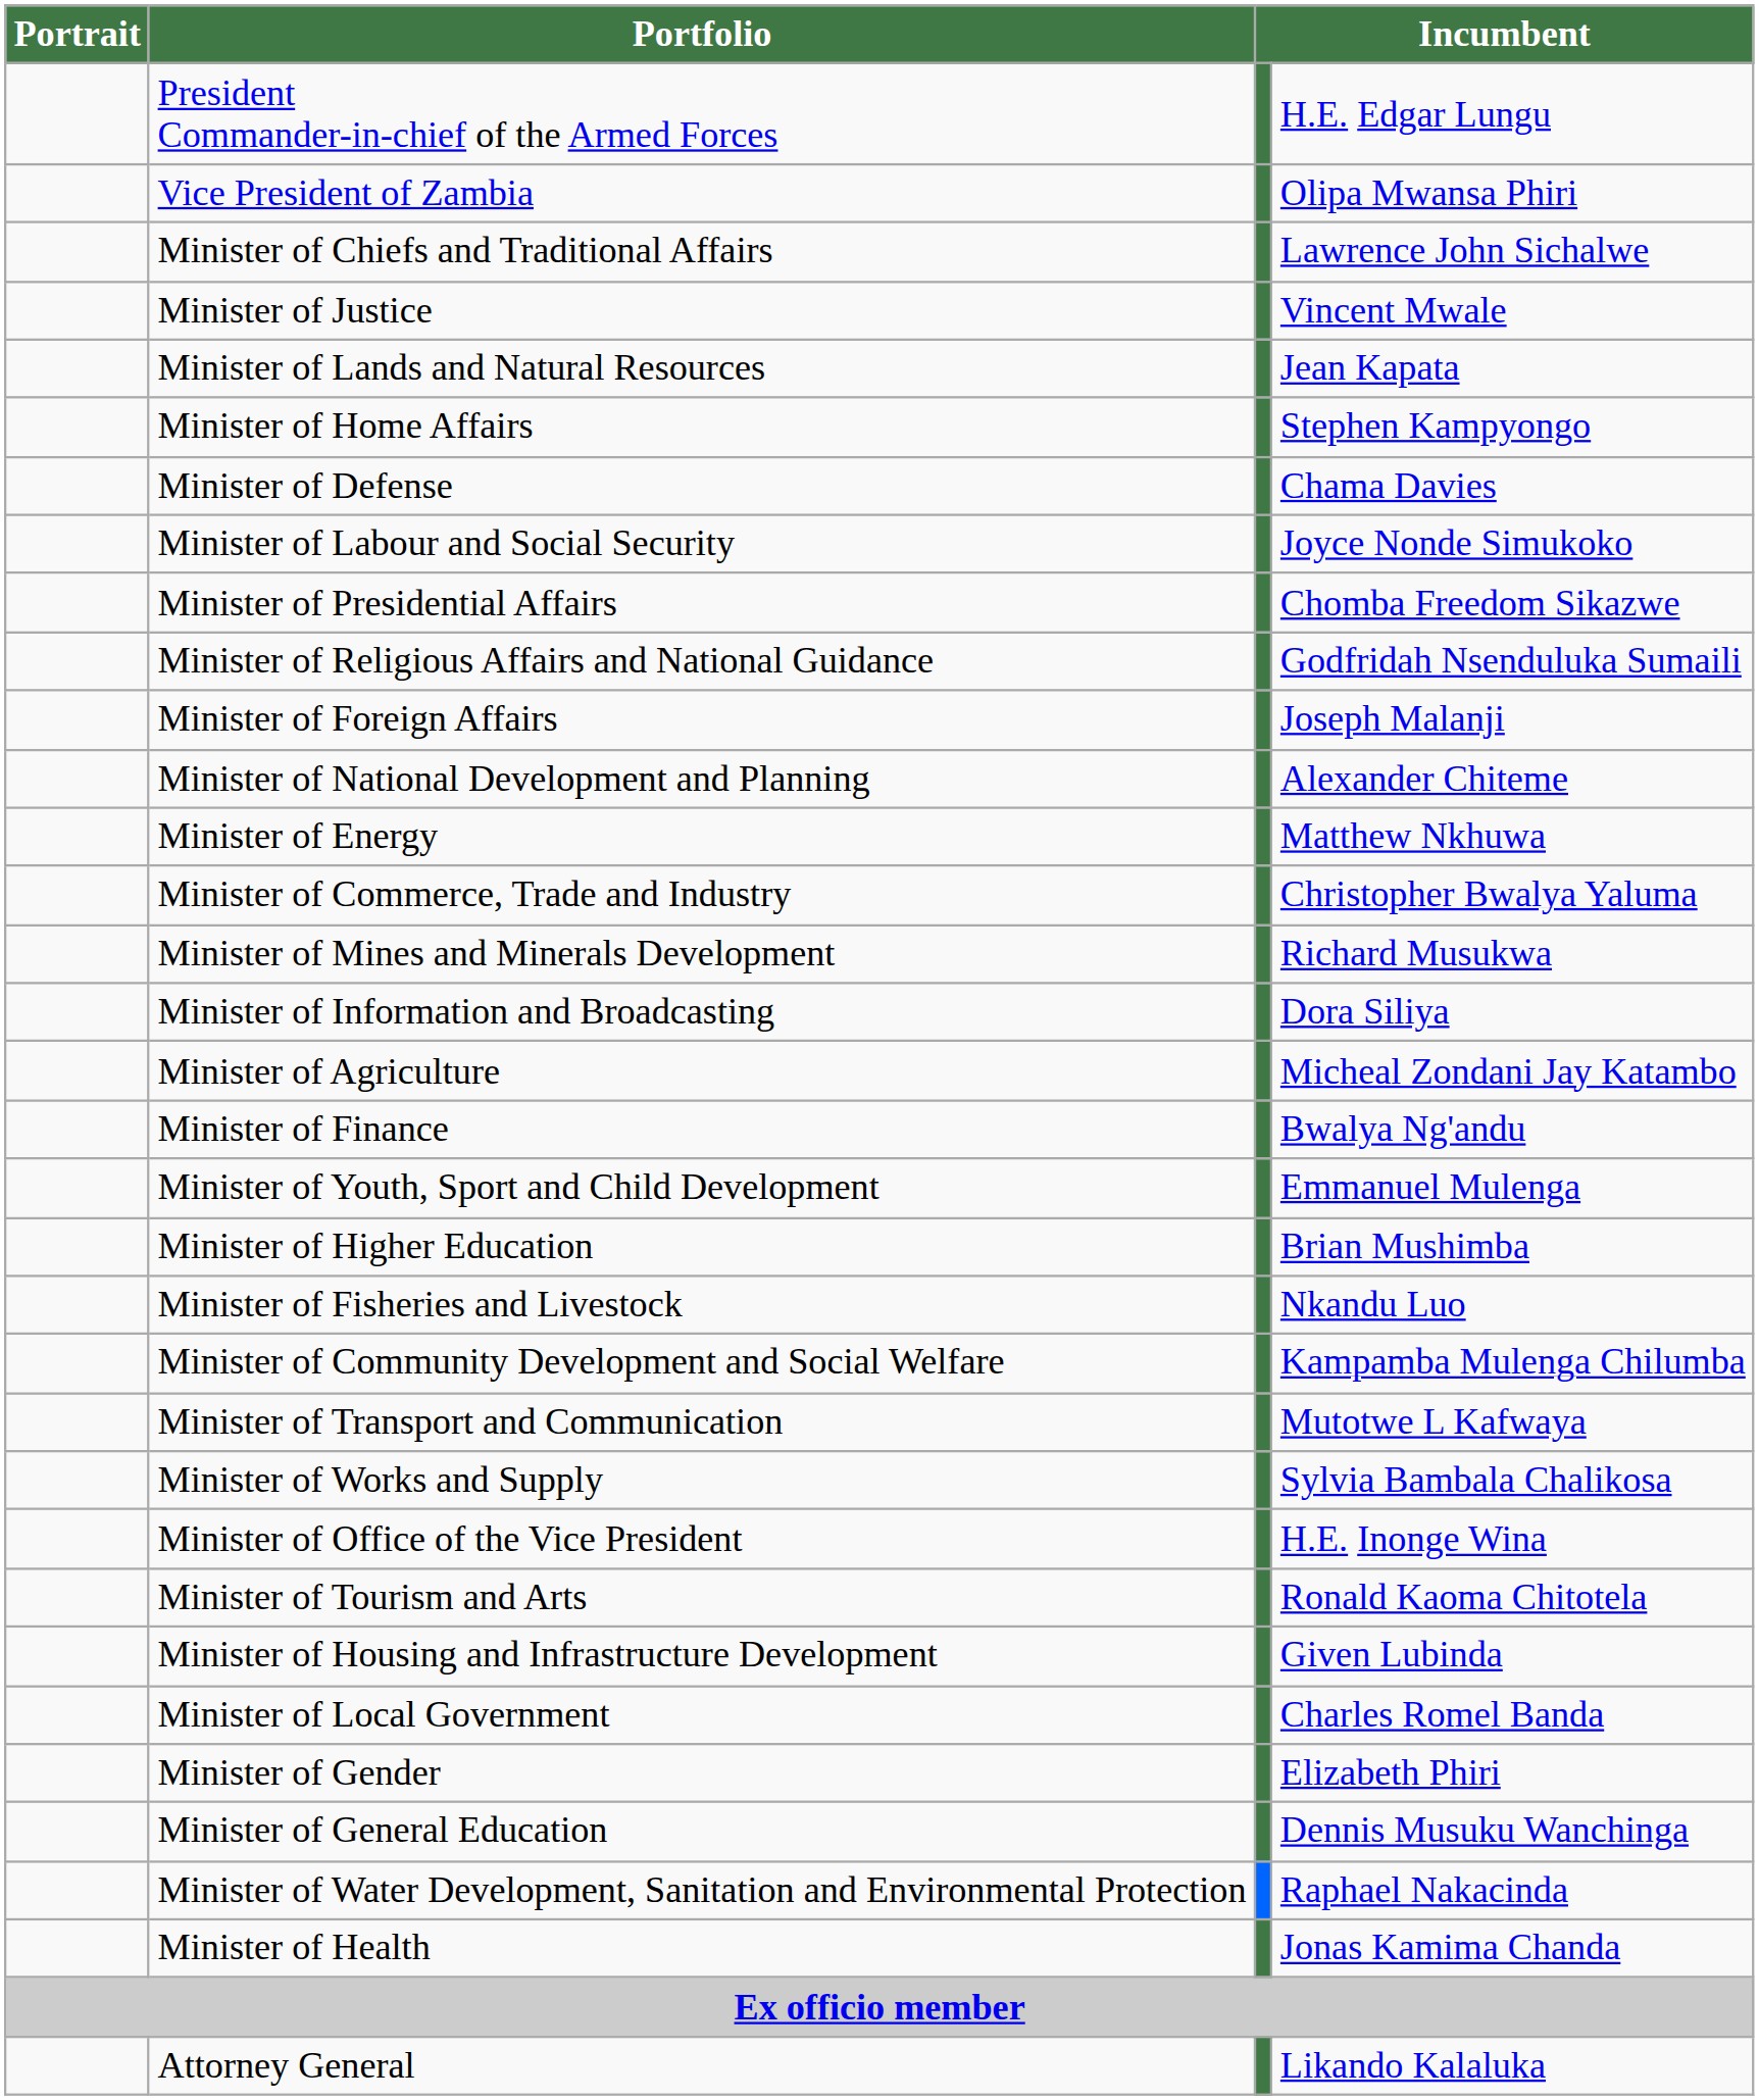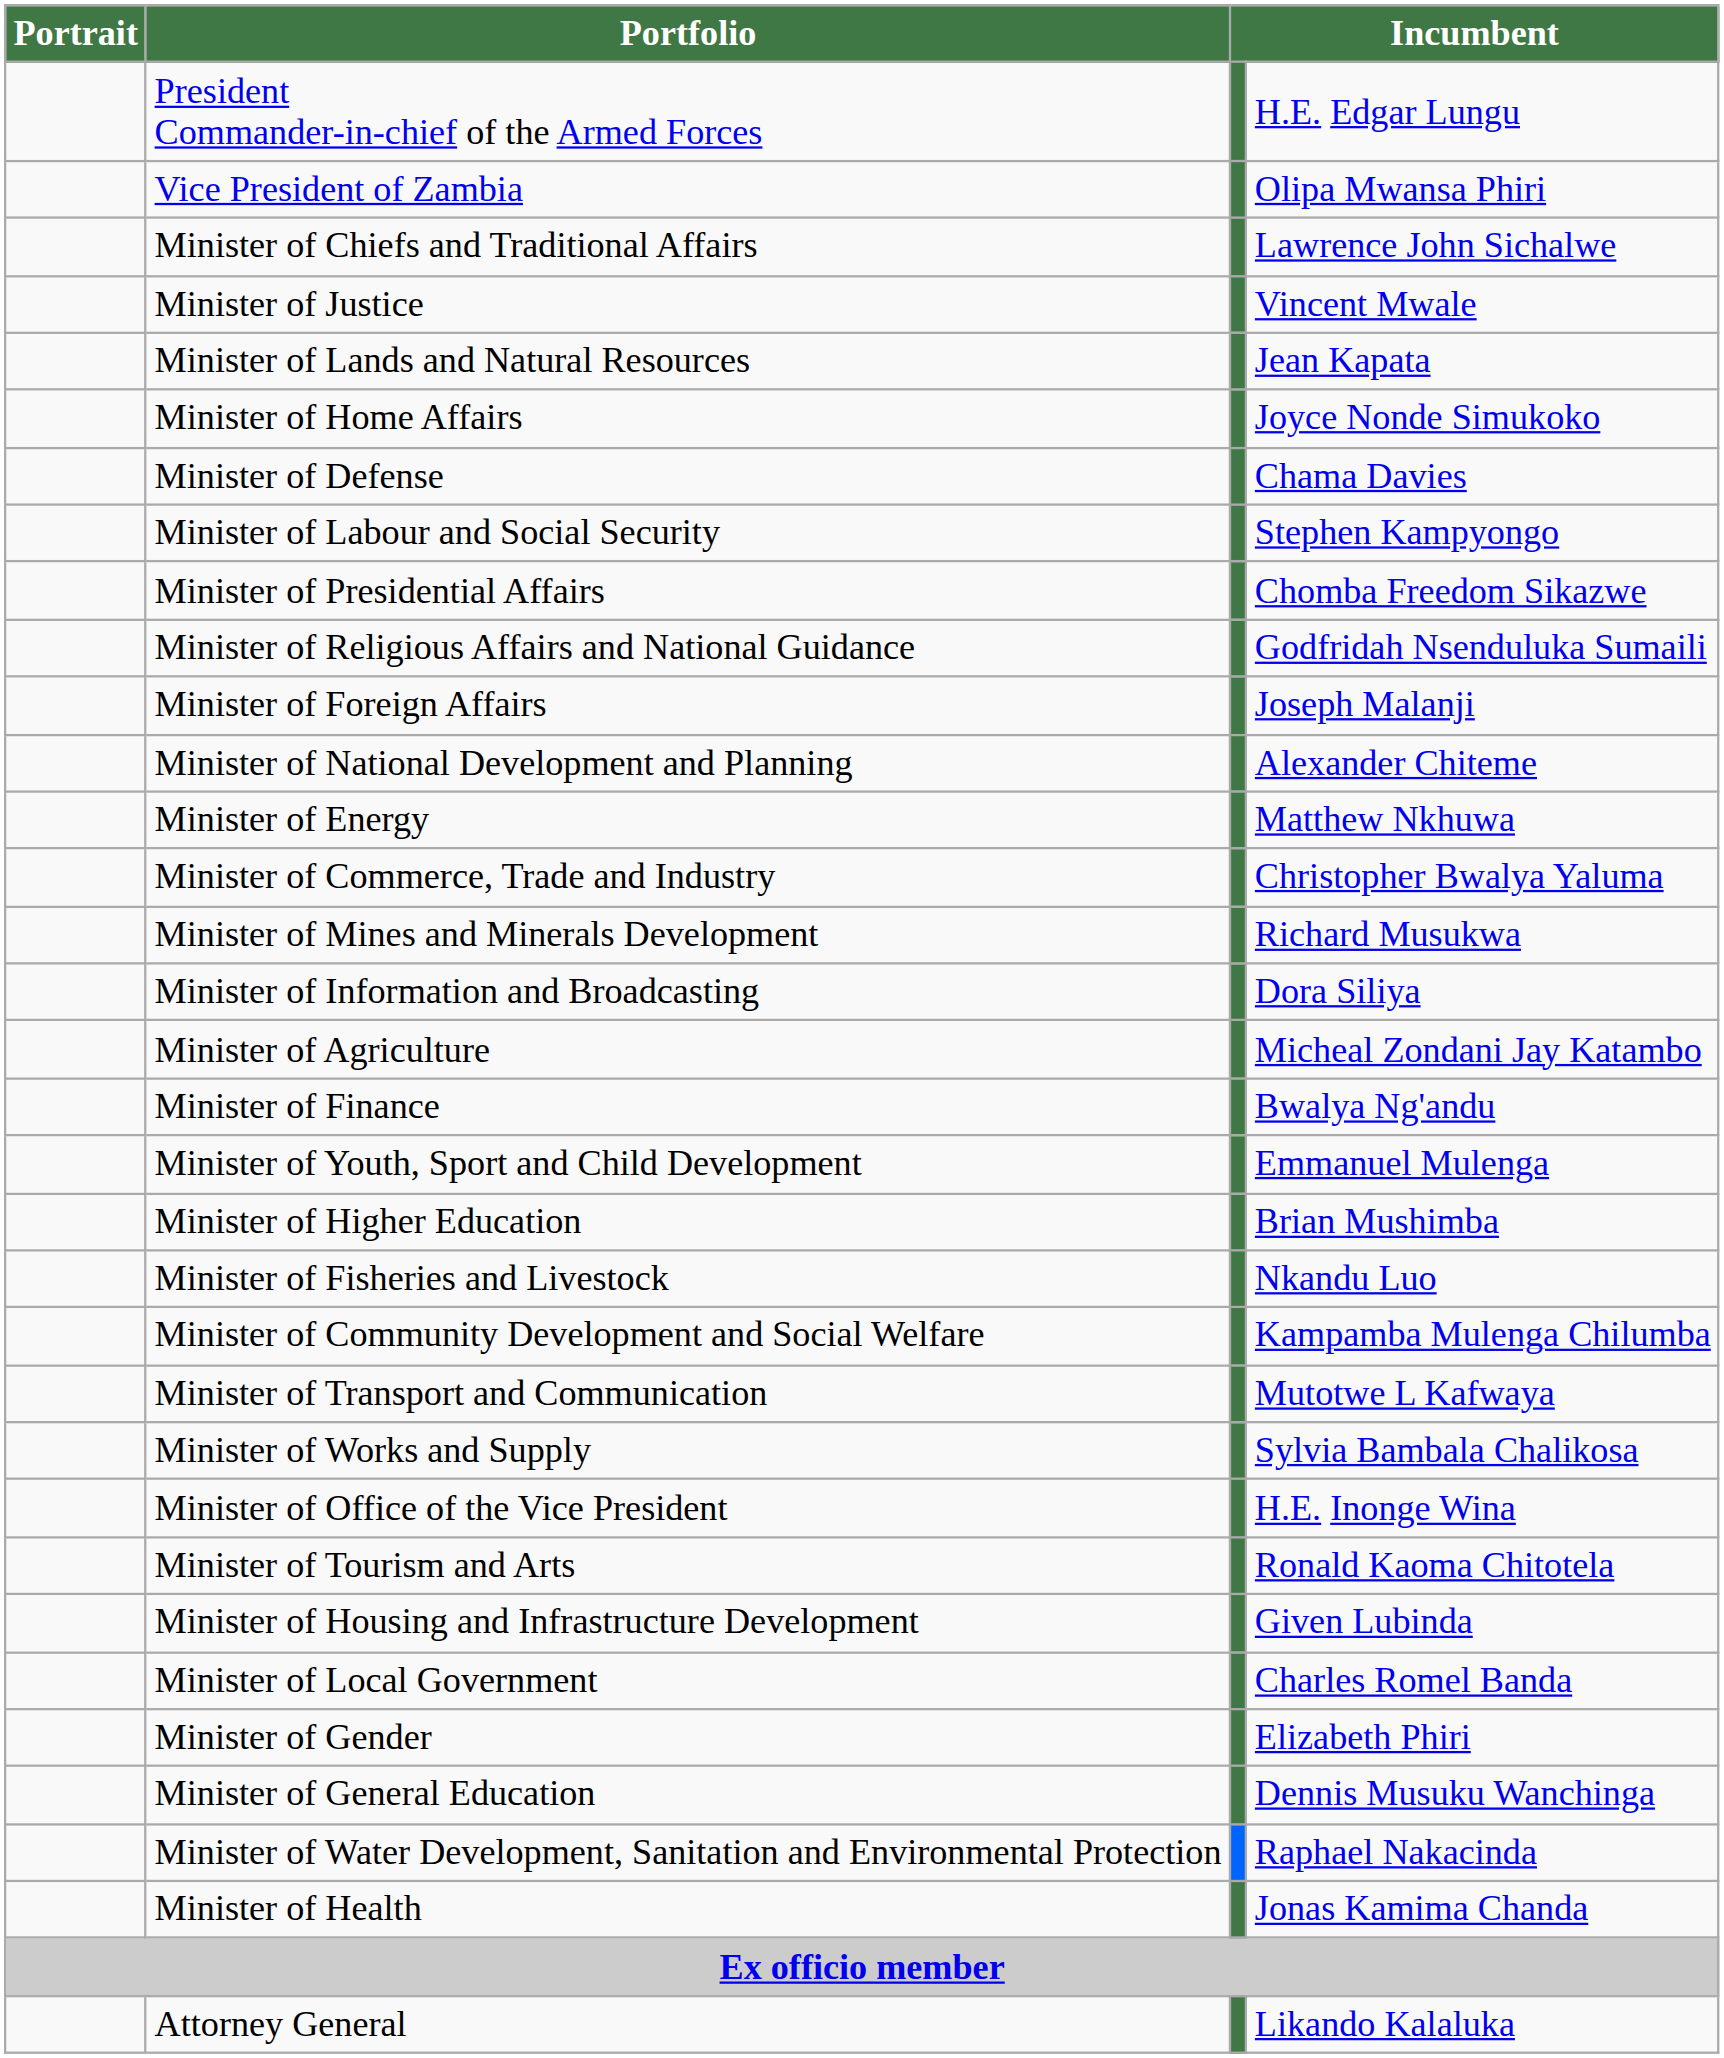 <table class="wikitable">
 <tr>
 <th style="background-color:#3f7845;color: white">Portrait</th>
 <th style="background-color:#3f7845;color: white">Portfolio</th>
 <th colspan=2 style="background-color:#3f7845;color: white">Incumbent</th>
 </tr>
 <tr>
 <td></td>
 <td><a href='#'>President</a><br><a href='#'>Commander-in-chief</a> of the <a href='#'>Armed Forces</a></td>
 <td style="background:#3f7845"></td>
 <td {{small><a href='#'>H.E.</a> <a href='#'>Edgar Lungu</a></td>
 </tr>
 <tr>
 <td></td>
 <td><a href='#'>Vice President of Zambia</a></td>
 <td style="background:#3f7845"></td>
 <td><a href='#'>Olipa Mwansa Phiri</a></td>
 </tr>
 <tr>
 <td></td>
 <td>Minister of Chiefs and Traditional Affairs</td>
 <td style="background:#3f7845"></td>
 <td><a href='#'>Lawrence John Sichalwe</a></td>
 </tr>
 <tr>
 <td></td>
 <td>Minister of Justice</td>
 <td style="background:#3f7845"></td>
 <td><a href='#'>Vincent Mwale</a></td>
 </tr>
 <tr>
 <td></td>
 <td>Minister of Lands and Natural Resources</td>
 <td style="background:#3f7845"></td>
 <td><a href='#'>Jean Kapata</a></td>
 </tr>
 <tr>
 <td></td>
 <td>Minister of Home Affairs</td>
 <td style="background:#3f7845"></td>
-<td><a href='#'>Stephen Kampyongo</a></td>
+<td><a href='#'>Joyce Nonde Simukoko</a></td>
 </tr>
 <tr>
 <td></td>
 <td>Minister of Defense</td>
 <td style="background:#3f7845"></td>
 <td><a href='#'>Chama Davies</a></td>
 </tr>
 <tr>
 <td></td>
 <td>Minister of Labour and Social Security</td>
 <td style="background:#3f7845"></td>
-<td><a href='#'>Joyce Nonde Simukoko</a></td>
+<td><a href='#'>Stephen Kampyongo</a></td>
 </tr>
 <tr>
 <td></td>
 <td>Minister of Presidential Affairs</td>
 <td style="background:#3f7845"></td>
 <td><a href='#'>Chomba Freedom Sikazwe</a></td>
 </tr>
 <tr>
 <td></td>
 <td>Minister of Religious Affairs and National Guidance</td>
 <td style="background:#3f7845"></td>
 <td><a href='#'>Godfridah Nsenduluka Sumaili</a></td>
 </tr>
 <tr>
 <td></td>
 <td>Minister of Foreign Affairs</td>
 <td style="background:#3f7845"></td>
 <td><a href='#'>Joseph Malanji</a></td>
 </tr>
 <tr>
 <td></td>
 <td>Minister of National Development and Planning</td>
 <td style="background:#3f7845"></td>
 <td><a href='#'>Alexander Chiteme</a></td>
 </tr>
 <tr>
 <td></td>
 <td>Minister of Energy</td>
 <td style="background:#3f7845"></td>
 <td><a href='#'>Matthew Nkhuwa</a></td>
 </tr>
 <tr>
 <td></td>
 <td>Minister of Commerce, Trade and Industry</td>
 <td style="background:#3f7845"></td>
 <td><a href='#'>Christopher Bwalya Yaluma</a></td>
 </tr>
 <tr>
 <td></td>
 <td>Minister of Mines and Minerals Development</td>
 <td style="background:#3f7845"></td>
 <td><a href='#'>Richard Musukwa</a></td>
 </tr>
 <tr>
 <td></td>
 <td>Minister of Information and Broadcasting</td>
 <td style="background:#3f7845"></td>
 <td><a href='#'>Dora Siliya</a></td>
 </tr>
 <tr>
 <td></td>
 <td>Minister of Agriculture</td>
 <td style="background:#3f7845"></td>
 <td><a href='#'>Micheal Zondani Jay Katambo</a></td>
 </tr>
 <tr>
 <td></td>
 <td>Minister of Finance</td>
 <td style="background:#3f7845"></td>
 <td><a href='#'>Bwalya Ng'andu</a></td>
 </tr>
 <tr>
 <td></td>
 <td>Minister of Youth, Sport and Child Development</td>
 <td style="background:#3f7845"></td>
 <td><a href='#'>Emmanuel Mulenga</a></td>
 </tr>
 <tr>
 <td></td>
 <td>Minister of Higher Education</td>
 <td style="background:#3f7845"></td>
 <td><a href='#'>Brian Mushimba</a></td>
 </tr>
 <tr>
 <td></td>
 <td>Minister of Fisheries and Livestock</td>
 <td style="background:#3f7845"></td>
 <td><a href='#'>Nkandu Luo</a></td>
 </tr>
 <tr>
 <td></td>
 <td>Minister of Community Development and Social Welfare</td>
 <td style="background:#3f7845"></td>
 <td><a href='#'>Kampamba Mulenga Chilumba</a></td>
 </tr>
 <tr>
 <td></td>
 <td>Minister of Transport and Communication</td>
 <td style="background:#3f7845"></td>
 <td><a href='#'>Mutotwe L Kafwaya</a></td>
 </tr>
 <tr>
 <td></td>
 <td>Minister of Works and Supply</td>
 <td style="background:#3f7845"></td>
 <td><a href='#'>Sylvia Bambala Chalikosa</a></td>
 </tr>
 <tr>
 <td></td>
 <td>Minister of Office of the Vice President</td>
 <td style="background:#3f7845"></td>
 <td {{small><a href='#'>H.E.</a> <a href='#'>Inonge Wina</a></td>
 </tr>
 <tr>
 <td></td>
 <td>Minister of Tourism and Arts</td>
 <td style="background:#3f7845"></td>
 <td><a href='#'>Ronald Kaoma Chitotela</a></td>
 </tr>
 <tr>
 <td></td>
 <td>Minister of Housing and Infrastructure Development</td>
 <td style="background:#3f7845"></td>
 <td><a href='#'>Given Lubinda</a></td>
 </tr>
 <tr>
 <td></td>
 <td>Minister of Local Government</td>
 <td style="background:#3f7845"></td>
 <td><a href='#'>Charles Romel Banda</a></td>
 </tr>
 <tr>
 <td></td>
 <td>Minister of Gender</td>
 <td style="background:#3f7845"></td>
 <td><a href='#'>Elizabeth Phiri</a></td>
 </tr>
 <tr>
 <td></td>
 <td>Minister of General Education</td>
 <td style="background:#3f7845"></td>
 <td><a href='#'>Dennis Musuku Wanchinga</a></td>
 </tr>
 <tr>
 <td></td>
 <td>Minister of Water Development, Sanitation and Environmental Protection</td>
 <td style="background:#0064ff"></td>
 <td><a href='#'>Raphael Nakacinda</a></td>
 </tr>
 <tr>
 <td></td>
 <td>Minister of Health</td>
 <td style="background:#3f7845"></td>
 <td><a href='#'>Jonas Kamima Chanda</a></td>
 </tr>
 <tr>
 <td style="background:#cccccc;text-align:center;" colspan="4"><strong><a href='#'>Ex officio member</a></strong></td>
 </tr>
 <tr>
 <td></td>
 <td>Attorney General</td>
 <td style="background:#3f7845"></td>
 <td><a href='#'>Likando Kalaluka</a></td>
 </tr>
 </table>
